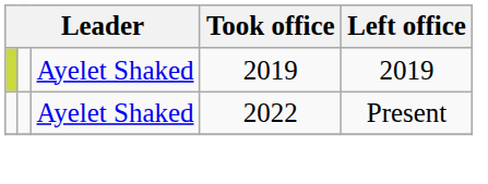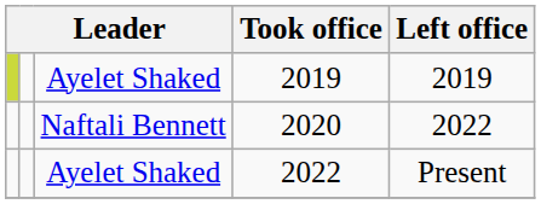 <table class="wikitable" style="text-align: center;">
 <tr>
 <th colspan="3">Leader</th>
 <th>Took office</th>
 <th>Left office</th>
 </tr>
 <tr>
 <td style="background: #CAD93B; color: white"></td>
 <td></td>
 <td><a href='#'>Ayelet Shaked</a></td>
 <td>2019</td>
 <td>2019</td>
 </tr>
 <tr>
 <td style="background: "></td>
 <td></td>
+<td><a href='#'>Naftali Bennett</a></td>
+<td>2020</td>
+<td>2022</td>
+</tr>
+<tr>
+<td style="background: "></td>
+<td></td>
 <td><a href='#'>Ayelet Shaked</a></td>
 <td>2022</td>
 <td>Present</td>
 </tr>
 <tr>
 </tr>
 </table>
